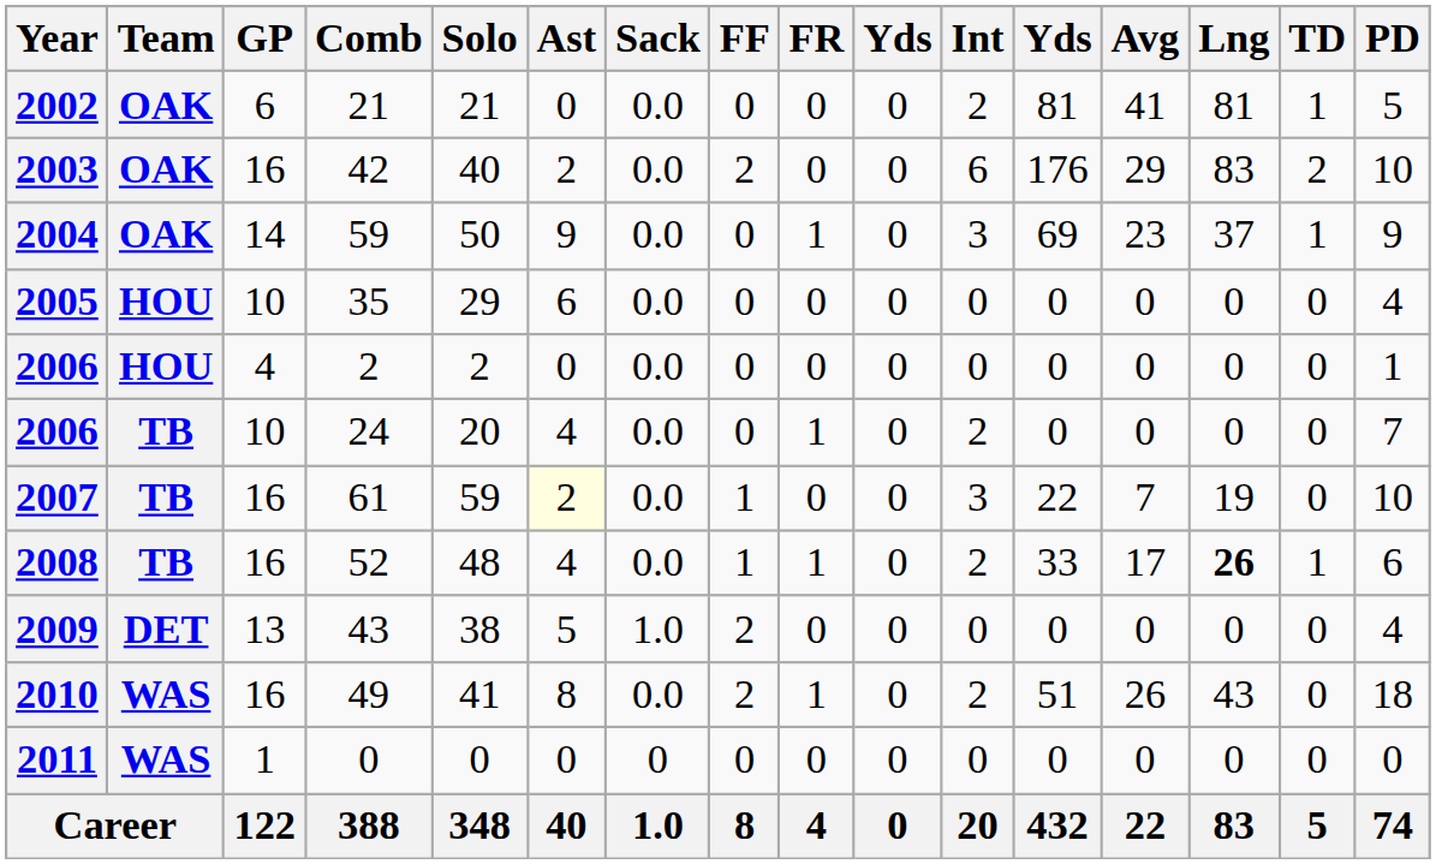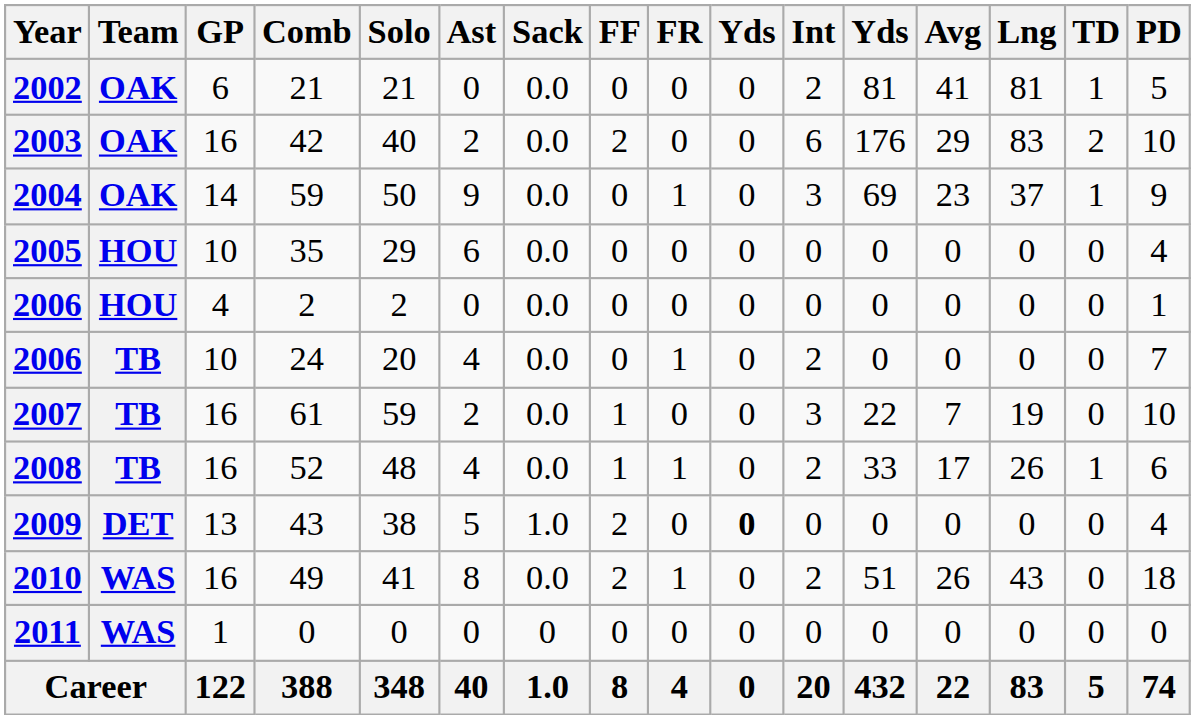 <table class="wikitable" style="text-align: center;">
 <tr>
 <th>Year</th>
 <th>Team</th>
 <th>GP</th>
 <th>Comb</th>
 <th>Solo</th>
 <th>Ast</th>
 <th>Sack</th>
 <th>FF</th>
 <th>FR</th>
 <th>Yds</th>
 <th>Int</th>
 <th>Yds</th>
 <th>Avg</th>
 <th>Lng</th>
 <th>TD</th>
 <th>PD</th>
 </tr>
 <tr>
 <th><a href='#'>2002</a></th>
 <th><a href='#'>OAK</a></th>
 <td>6</td>
 <td>21</td>
 <td>21</td>
 <td>0</td>
 <td>0.0</td>
 <td>0</td>
 <td>0</td>
 <td>0</td>
 <td>2</td>
 <td>81</td>
 <td>41</td>
 <td>81</td>
 <td>1</td>
 <td>5</td>
 </tr>
 <tr>
 <th><a href='#'>2003</a></th>
 <th><a href='#'>OAK</a></th>
 <td>16</td>
 <td>42</td>
 <td>40</td>
 <td>2</td>
 <td>0.0</td>
 <td>2</td>
 <td>0</td>
 <td>0</td>
 <td>6</td>
 <td>176</td>
 <td>29</td>
 <td>83</td>
 <td>2</td>
 <td>10</td>
 </tr>
 <tr>
 <th><a href='#'>2004</a></th>
 <th><a href='#'>OAK</a></th>
 <td>14</td>
 <td>59</td>
 <td>50</td>
 <td>9</td>
 <td>0.0</td>
 <td>0</td>
 <td>1</td>
 <td>0</td>
 <td>3</td>
 <td>69</td>
 <td>23</td>
 <td>37</td>
 <td>1</td>
 <td>9</td>
 </tr>
 <tr>
 <th><a href='#'>2005</a></th>
 <th><a href='#'>HOU</a></th>
 <td>10</td>
 <td>35</td>
 <td>29</td>
 <td>6</td>
 <td>0.0</td>
 <td>0</td>
 <td>0</td>
 <td>0</td>
 <td>0</td>
 <td>0</td>
 <td>0</td>
 <td>0</td>
 <td>0</td>
 <td>4</td>
 </tr>
 <tr>
 <th><a href='#'>2006</a></th>
 <th><a href='#'>HOU</a></th>
 <td>4</td>
 <td>2</td>
 <td>2</td>
 <td>0</td>
 <td>0.0</td>
 <td>0</td>
 <td>0</td>
 <td>0</td>
 <td>0</td>
 <td>0</td>
 <td>0</td>
 <td>0</td>
 <td>0</td>
 <td>1</td>
 </tr>
 <tr>
 <th><a href='#'>2006</a></th>
 <th><a href='#'>TB</a></th>
 <td>10</td>
 <td>24</td>
 <td>20</td>
 <td>4</td>
 <td>0.0</td>
 <td>0</td>
 <td>1</td>
 <td>0</td>
 <td>2</td>
 <td>0</td>
 <td>0</td>
 <td>0</td>
 <td>0</td>
 <td>7</td>
 </tr>
 <tr>
 <th><a href='#'>2007</a></th>
 <th><a href='#'>TB</a></th>
 <td>16</td>
 <td>61</td>
 <td>59</td>
-<td style="background: lightyellow;">2</td>
+<td>2</td>
 <td>0.0</td>
 <td>1</td>
 <td>0</td>
 <td>0</td>
 <td>3</td>
 <td>22</td>
 <td>7</td>
 <td>19</td>
 <td>0</td>
 <td>10</td>
 </tr>
 <tr>
 <th><a href='#'>2008</a></th>
 <th><a href='#'>TB</a></th>
 <td>16</td>
 <td>52</td>
 <td>48</td>
 <td>4</td>
 <td>0.0</td>
 <td>1</td>
 <td>1</td>
 <td>0</td>
 <td>2</td>
 <td>33</td>
 <td>17</td>
-<td><strong>26</strong></td>
+<td>26</td>
 <td>1</td>
 <td>6</td>
 </tr>
 <tr>
 <th><a href='#'>2009</a></th>
 <th><a href='#'>DET</a></th>
 <td>13</td>
 <td>43</td>
 <td>38</td>
 <td>5</td>
 <td>1.0</td>
 <td>2</td>
 <td>0</td>
-<td>0</td>
+<td><strong>0</strong></td>
 <td>0</td>
 <td>0</td>
 <td>0</td>
 <td>0</td>
 <td>0</td>
 <td>4</td>
 </tr>
 <tr>
 <th><a href='#'>2010</a></th>
 <th><a href='#'>WAS</a></th>
 <td>16</td>
 <td>49</td>
 <td>41</td>
 <td>8</td>
 <td>0.0</td>
 <td>2</td>
 <td>1</td>
 <td>0</td>
 <td>2</td>
 <td>51</td>
 <td>26</td>
 <td>43</td>
 <td>0</td>
 <td>18</td>
 </tr>
 <tr>
 <th><a href='#'>2011</a></th>
 <th><a href='#'>WAS</a></th>
 <td>1</td>
 <td>0</td>
 <td>0</td>
 <td>0</td>
 <td>0</td>
 <td>0</td>
 <td>0</td>
 <td>0</td>
 <td>0</td>
 <td>0</td>
 <td>0</td>
 <td>0</td>
 <td>0</td>
 <td>0</td>
 </tr>
 <tr>
 <th colspan="2">Career</th>
 <th>122</th>
 <th>388</th>
 <th>348</th>
 <th>40</th>
 <th>1.0</th>
 <th>8</th>
 <th>4</th>
 <th>0</th>
 <th>20</th>
 <th>432</th>
 <th>22</th>
 <th>83</th>
 <th>5</th>
 <th>74</th>
 </tr>
 </table>
